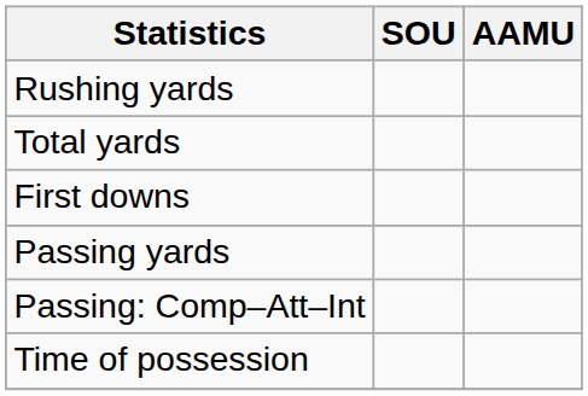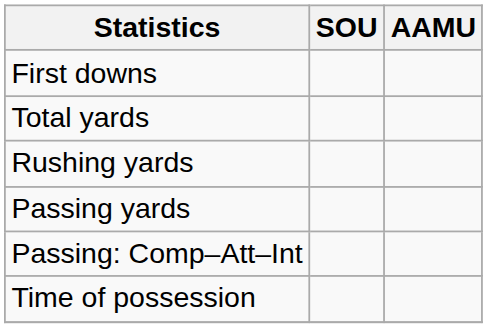 <table class="wikitable" style="float: left;">
 <tr>
 <th>Statistics</th>
 <th>SOU</th>
 <th>AAMU</th>
 </tr>
 <tr>
-<td>Rushing yards</td>
+<td>First downs</td>
 <td></td>
 <td></td>
 </tr>
 <tr>
 <td>Total yards</td>
 <td></td>
 <td></td>
 </tr>
 <tr>
-<td>First downs</td>
+<td>Rushing yards</td>
 <td></td>
 <td></td>
 </tr>
 <tr>
 <td>Passing yards</td>
 <td></td>
 <td></td>
 </tr>
 <tr>
 <td>Passing: Comp–Att–Int</td>
 <td></td>
 <td></td>
 </tr>
 <tr>
 <td>Time of possession</td>
 <td></td>
 <td></td>
 </tr>
 <tr>
 </tr>
 </table>
